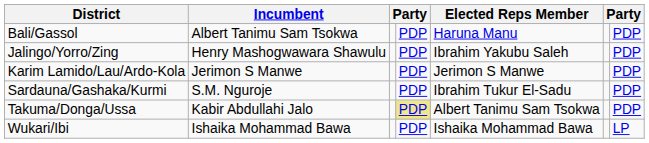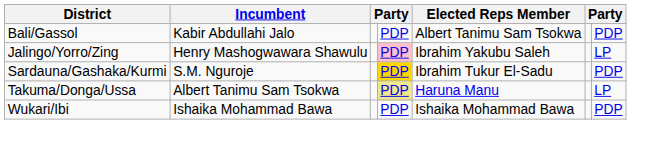 <table class="sortable wikitable" style="font-size:95%;line-height:14px;">
 <tr>
 <th class="unsortable">District</th>
 <th class="unsortable"><a href='#'>Incumbent</a></th>
 <th colspan="2">Party</th>
 <th class="unsortable">Elected Reps Member</th>
 <th colspan="2">Party</th>
 </tr>
 <tr>
 <td>Bali/Gassol</td>
-<td>Albert Tanimu Sam Tsokwa</td>
+<td>Kabir Abdullahi Jalo</td>
 <td style="background:"></td>
 <td><a href='#'>PDP</a></td>
-<td><a href='#'>Haruna Manu</a></td>
+<td>Albert Tanimu Sam Tsokwa</td>
 <td style="background:"></td>
 <td><a href='#'>PDP</a></td>
 </tr>
 <tr>
 <td>Jalingo/Yorro/Zing</td>
 <td>Henry Mashogwawara Shawulu</td>
 <td style="background:"></td>
-<td><a href='#'>PDP</a></td>
+<td style="background: pink;"><a href='#'>PDP</a></td>
 <td>Ibrahim Yakubu Saleh</td>
 <td style="background:"></td>
-<td><a href='#'>PDP</a></td>
-</tr>
-<tr>
-<td>Karim Lamido/Lau/Ardo-Kola</td>
-<td>Jerimon S Manwe</td>
-<td style="background:"></td>
-<td><a href='#'>PDP</a></td>
-<td>Jerimon S Manwe</td>
-<td style="background:"></td>
-<td><a href='#'>PDP</a></td>
+<td><a href='#'>LP</a></td>
 </tr>
 <tr>
 <td>Sardauna/Gashaka/Kurmi</td>
 <td>S.M. Nguroje</td>
 <td style="background:"></td>
-<td><a href='#'>PDP</a></td>
+<td style="background: gold;"><a href='#'>PDP</a></td>
 <td>Ibrahim Tukur El-Sadu</td>
 <td style="background:"></td>
 <td><a href='#'>PDP</a></td>
 </tr>
 <tr>
 <td>Takuma/Donga/Ussa</td>
-<td>Kabir Abdullahi Jalo</td>
+<td>Albert Tanimu Sam Tsokwa</td>
 <td style="background:"></td>
 <td style="background: khaki;"><a href='#'>PDP</a></td>
-<td>Albert Tanimu Sam Tsokwa</td>
+<td><a href='#'>Haruna Manu</a></td>
 <td style="background:"></td>
-<td><a href='#'>PDP</a></td>
+<td><a href='#'>LP</a></td>
 </tr>
 <tr>
 <td>Wukari/Ibi</td>
 <td>Ishaika Mohammad Bawa</td>
 <td style="background:"></td>
 <td><a href='#'>PDP</a></td>
 <td>Ishaika Mohammad Bawa</td>
 <td style="background:"></td>
-<td><a href='#'>LP</a></td>
+<td><a href='#'>PDP</a></td>
 </tr>
 </table>
